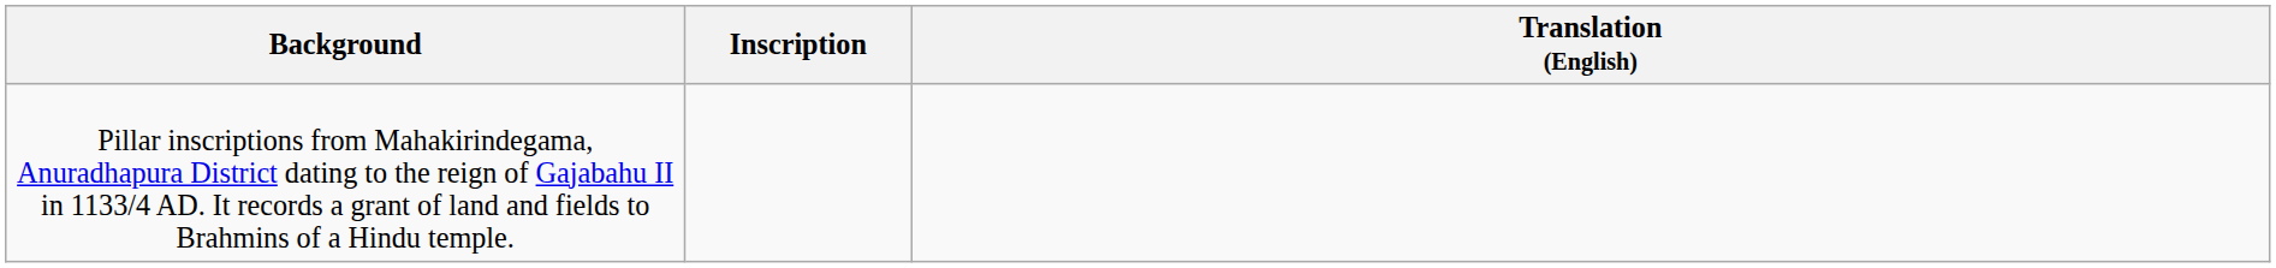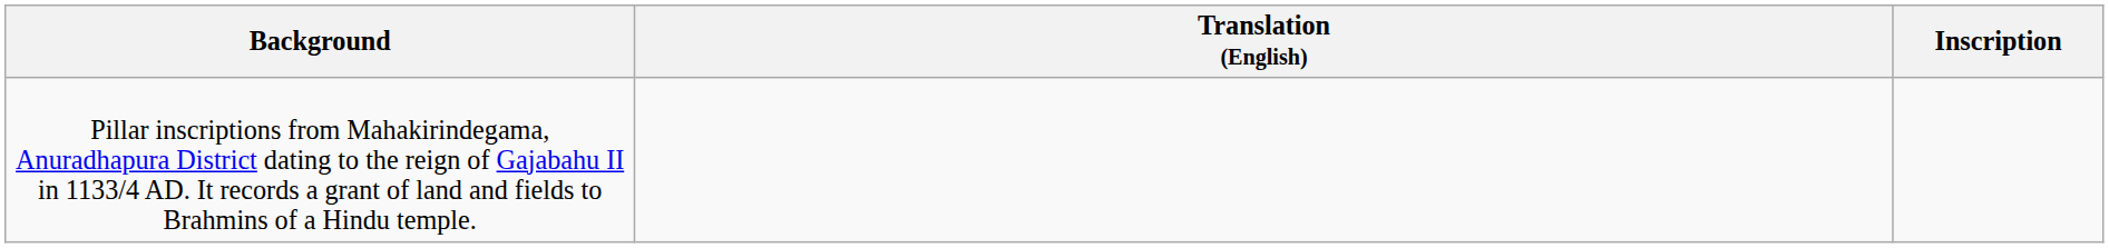 <table class="wikitable centre">
 <tr>
 <th scope="col" align=left>Background<br></th>
+<th>Translation<br><small>(English)</small></th>
 <th>Inscription<br></th>
-<th>Translation<br><small>(English)</small></th>
 </tr>
 <tr>
 <td align=center width="30%"><br>Pillar inscriptions from Mahakirindegama, <a href='#'>Anuradhapura District</a> dating to the reign of <a href='#'>Gajabahu II</a> in 1133/4 AD. It records a grant of land and fields to Brahmins of a Hindu temple.</td>
+<td align=left><br></td>
 <td align=center width="10%"><br></td>
-<td align=left><br></td>
 </tr>
 </table>
